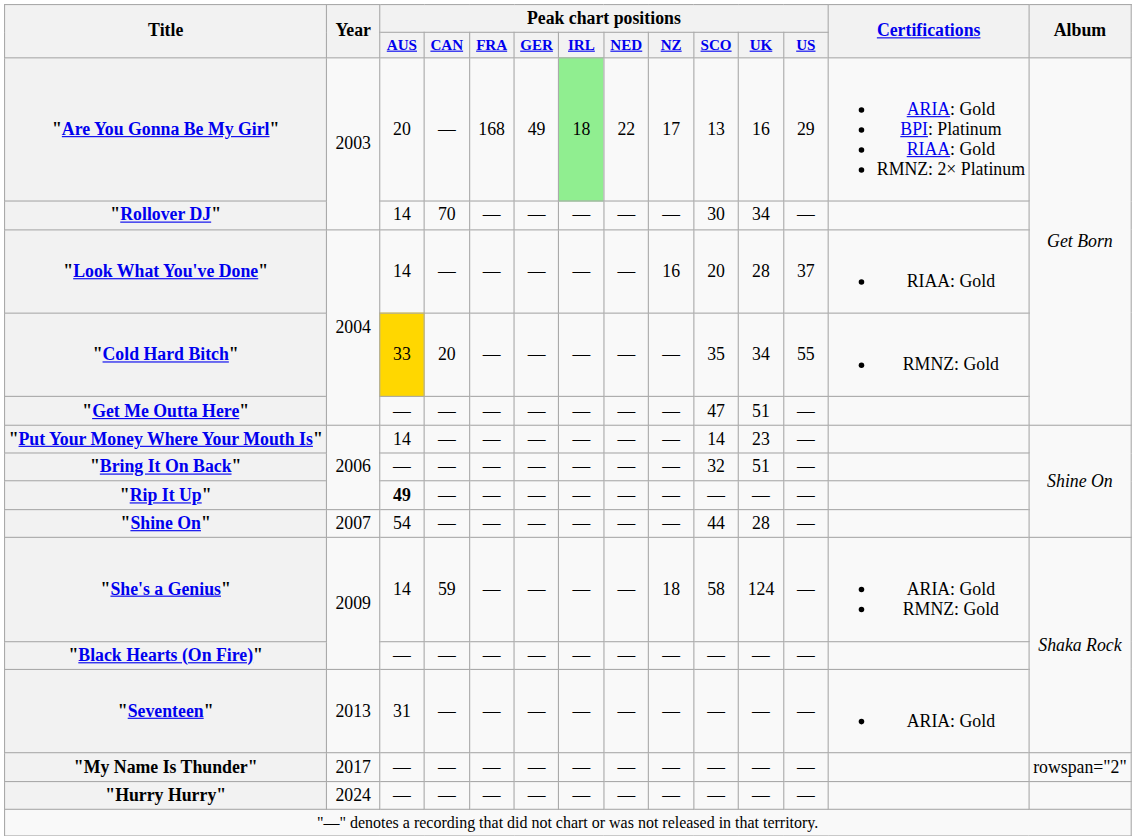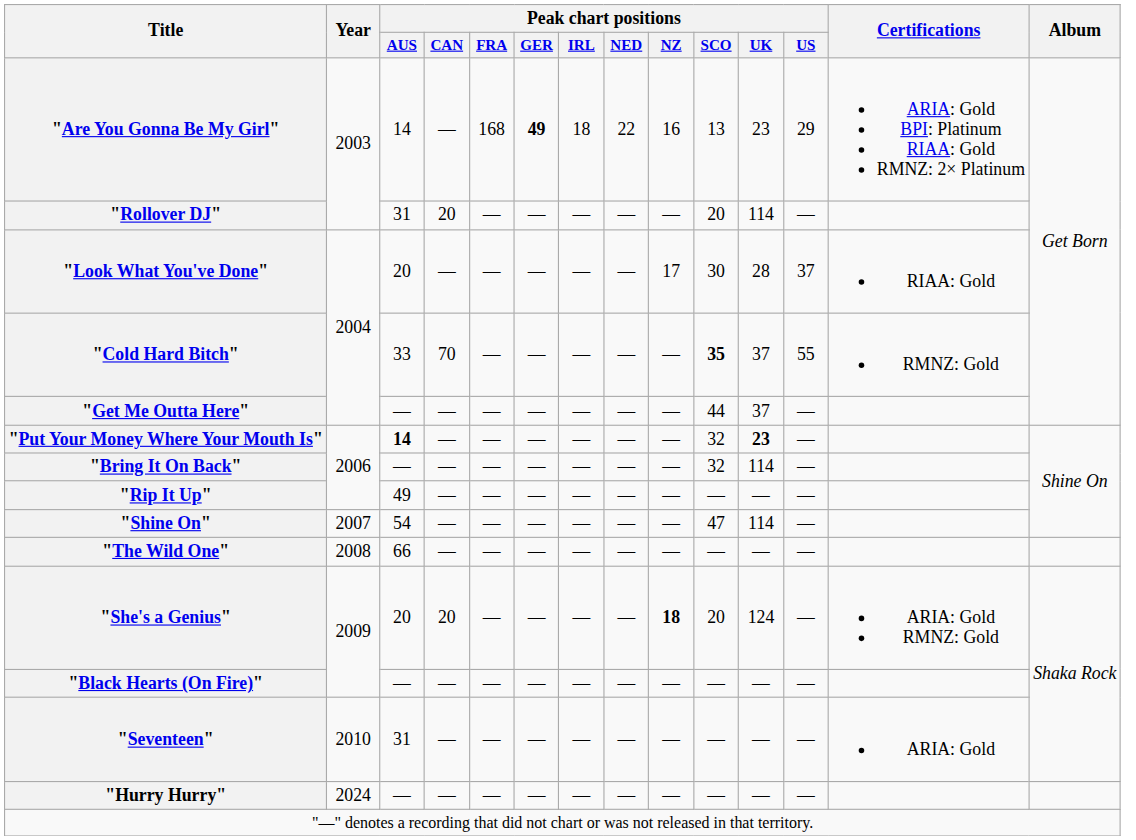 <table class="wikitable plainrowheaders" style="text-align:center;">
 <tr>
 <th scope="col" rowspan="2">Title</th>
 <th scope="col" rowspan="2" style="width:2.5em;">Year</th>
 <th scope="col" colspan="10">Peak chart positions</th>
 <th scope="col" rowspan="2"><a href='#'>Certifications</a></th>
 <th scope="col" rowspan="2">Album</th>
 </tr>
 <tr>
 <th scope="col" style="width:2.5em;font-size:85%;"><a href='#'>AUS</a><br></th>
 <th scope="col" style="width:2.5em;font-size:85%;"><a href='#'>CAN</a><br></th>
 <th scope="col" style="width:2.5em;font-size:85%;"><a href='#'>FRA</a><br></th>
 <th scope="col" style="width:2.5em;font-size:85%;"><a href='#'>GER</a><br></th>
 <th scope="col" style="width:2.5em;font-size:85%;"><a href='#'>IRL</a><br></th>
 <th scope="col" style="width:2.5em;font-size:85%;"><a href='#'>NED</a><br></th>
 <th scope="col" style="width:2.5em;font-size:85%;"><a href='#'>NZ</a><br></th>
 <th scope="col" style="width:2.5em;font-size:85%;"><a href='#'>SCO</a><br></th>
 <th scope="col" style="width:2.5em;font-size:85%;"><a href='#'>UK</a><br></th>
 <th scope="col" style="width:2.5em;font-size:85%;"><a href='#'>US</a><br></th>
 </tr>
 <tr>
 <th scope="row">"<a href='#'>Are You Gonna Be My Girl</a>"</th>
 <td rowspan="2">2003</td>
-<td>20</td>
+<td>14</td>
 <td>—</td>
 <td>168</td>
-<td>49</td>
-<td style="background: lightgreen;">18</td>
+<td><strong>49</strong></td>
+<td>18</td>
 <td>22</td>
-<td>17</td>
+<td>16</td>
 <td>13</td>
-<td>16</td>
+<td>23</td>
 <td>29</td>
 <td><br><ul><li><a href='#'>ARIA</a>: Gold</li><li><a href='#'>BPI</a>: Platinum</li><li><a href='#'>RIAA</a>: Gold</li><li>RMNZ: 2× Platinum</li></ul></td>
 <td rowspan="5"><em>Get Born</em></td>
 </tr>
 <tr>
 <th scope="row">"<a href='#'>Rollover DJ</a>"</th>
-<td>14</td>
+<td>31</td>
+<td>20</td>
+<td>—</td>
+<td>—</td>
+<td>—</td>
+<td>—</td>
+<td>—</td>
+<td>20</td>
+<td>114</td>
+<td>—</td>
+<td></td>
+</tr>
+<tr>
+<th scope="row">"<a href='#'>Look What You've Done</a>"</th>
+<td rowspan="3">2004</td>
+<td>20</td>
+<td>—</td>
+<td>—</td>
+<td>—</td>
+<td>—</td>
+<td>—</td>
+<td>17</td>
+<td>30</td>
+<td>28</td>
+<td>37</td>
+<td><br><ul><li>RIAA: Gold</li></ul></td>
+</tr>
+<tr>
+<th scope="row">"<a href='#'>Cold Hard Bitch</a>"</th>
+<td>33</td>
 <td>70</td>
 <td>—</td>
 <td>—</td>
 <td>—</td>
 <td>—</td>
 <td>—</td>
-<td>30</td>
-<td>34</td>
-<td>—</td>
-<td></td>
-</tr>
-<tr>
-<th scope="row">"<a href='#'>Look What You've Done</a>"</th>
-<td rowspan="3">2004</td>
-<td>14</td>
-<td>—</td>
-<td>—</td>
-<td>—</td>
-<td>—</td>
-<td>—</td>
-<td>16</td>
-<td>20</td>
-<td>28</td>
+<td><strong>35</strong></td>
 <td>37</td>
-<td><br><ul><li>RIAA: Gold</li></ul></td>
-</tr>
-<tr>
-<th scope="row">"<a href='#'>Cold Hard Bitch</a>"</th>
-<td style="background: gold;">33</td>
-<td>20</td>
-<td>—</td>
-<td>—</td>
-<td>—</td>
-<td>—</td>
-<td>—</td>
-<td>35</td>
-<td>34</td>
 <td>55</td>
 <td><br><ul><li>RMNZ: Gold</li></ul></td>
 </tr>
 <tr>
 <th scope="row">"<a href='#'>Get Me Outta Here</a>" </th>
 <td>—</td>
 <td>—</td>
 <td>—</td>
 <td>—</td>
 <td>—</td>
 <td>—</td>
 <td>—</td>
-<td>47</td>
-<td>51</td>
+<td>44</td>
+<td>37</td>
 <td>—</td>
 <td></td>
 </tr>
 <tr>
 <th scope="row">"<a href='#'>Put Your Money Where Your Mouth Is</a>"</th>
 <td rowspan="3">2006</td>
-<td>14</td>
+<td><strong>14</strong></td>
 <td>—</td>
 <td>—</td>
 <td>—</td>
 <td>—</td>
 <td>—</td>
 <td>—</td>
-<td>14</td>
-<td>23</td>
+<td>32</td>
+<td><strong>23</strong></td>
 <td>—</td>
 <td></td>
 <td rowspan="4"><em>Shine On</em></td>
 </tr>
 <tr>
 <th scope="row">"<a href='#'>Bring It On Back</a>"</th>
 <td>—</td>
 <td>—</td>
 <td>—</td>
 <td>—</td>
 <td>—</td>
 <td>—</td>
 <td>—</td>
 <td>32</td>
-<td>51</td>
+<td>114</td>
 <td>—</td>
 <td></td>
 </tr>
 <tr>
 <th scope="row">"<a href='#'>Rip It Up</a>"</th>
-<td><strong>49</strong></td>
+<td>49</td>
 <td>—</td>
 <td>—</td>
 <td>—</td>
 <td>—</td>
 <td>—</td>
 <td>—</td>
 <td>—</td>
 <td>—</td>
 <td>—</td>
 <td></td>
 </tr>
 <tr>
 <th scope="row">"<a href='#'>Shine On</a>"</th>
 <td rowspan="1">2007</td>
 <td>54</td>
 <td>—</td>
 <td>—</td>
 <td>—</td>
 <td>—</td>
 <td>—</td>
 <td>—</td>
-<td>44</td>
-<td>28</td>
+<td>47</td>
+<td>114</td>
 <td>—</td>
+<td></td>
+</tr>
+<tr>
+<th scope="row">"<a href='#'>The Wild One</a>" </th>
+<td>2008</td>
+<td>66</td>
+<td>—</td>
+<td>—</td>
+<td>—</td>
+<td>—</td>
+<td>—</td>
+<td>—</td>
+<td>—</td>
+<td>—</td>
+<td>—</td>
+<td></td>
 <td></td>
 </tr>
 <tr>
 <th scope="row">"<a href='#'>She's a Genius</a>"</th>
 <td rowspan="2">2009</td>
-<td>14</td>
-<td>59</td>
+<td>20</td>
+<td>20</td>
 <td>—</td>
 <td>—</td>
 <td>—</td>
 <td>—</td>
-<td>18</td>
-<td>58</td>
+<td><strong>18</strong></td>
+<td>20</td>
 <td>124</td>
 <td>—</td>
 <td><br><ul><li>ARIA: Gold</li><li>RMNZ: Gold</li></ul></td>
 <td rowspan="3"><em>Shaka Rock</em></td>
 </tr>
 <tr>
 <th scope="row">"<a href='#'>Black Hearts (On Fire)</a>"</th>
 <td>—</td>
 <td>—</td>
 <td>—</td>
 <td>—</td>
 <td>—</td>
 <td>—</td>
 <td>—</td>
 <td>—</td>
 <td>—</td>
 <td>—</td>
 <td></td>
 </tr>
 <tr>
 <th scope="row">"<a href='#'>Seventeen</a>"</th>
-<td>2013</td>
+<td>2010</td>
 <td>31</td>
 <td>—</td>
 <td>—</td>
 <td>—</td>
 <td>—</td>
 <td>—</td>
 <td>—</td>
 <td>—</td>
 <td>—</td>
 <td>—</td>
 <td><br><ul><li>ARIA: Gold</li></ul></td>
-</tr>
-<tr>
-<th scope="row">"My Name Is Thunder"<br></th>
-<td>2017</td>
-<td>—</td>
-<td>—</td>
-<td>—</td>
-<td>—</td>
-<td>—</td>
-<td>—</td>
-<td>—</td>
-<td>—</td>
-<td>—</td>
-<td>—</td>
-<td></td>
-<td>rowspan="2" </td>
 </tr>
 <tr>
 <th scope="row">"Hurry Hurry"</th>
 <td>2024</td>
 <td>—</td>
 <td>—</td>
 <td>—</td>
 <td>—</td>
 <td>—</td>
 <td>—</td>
 <td>—</td>
 <td>—</td>
 <td>—</td>
 <td>—</td>
 <td></td>
 </tr>
 <tr>
 <td colspan="14" style="font-size:90%">"—" denotes a recording that did not chart or was not released in that territory.</td>
 </tr>
 </table>
